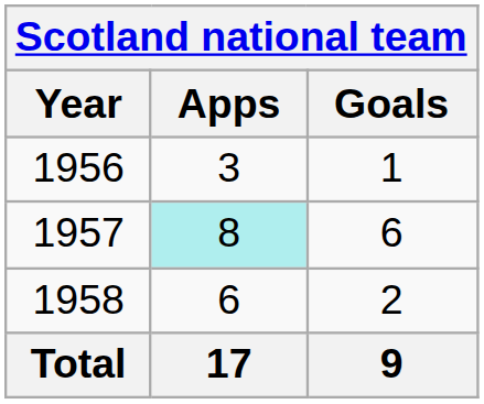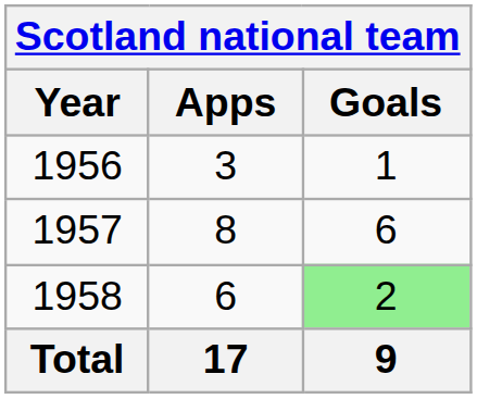 <table class="wikitable" style="text-align:center">
 <tr>
 <th colspan=3><a href='#'>Scotland national team</a></th>
 </tr>
 <tr>
 <th>Year</th>
 <th>Apps</th>
 <th>Goals</th>
 </tr>
 <tr>
 <td>1956</td>
 <td>3</td>
 <td>1</td>
 </tr>
 <tr>
 <td>1957</td>
-<td style="background: paleturquoise;">8</td>
+<td>8</td>
 <td>6</td>
 </tr>
 <tr>
 <td>1958</td>
 <td>6</td>
-<td>2</td>
+<td style="background: lightgreen;">2</td>
 </tr>
 <tr>
 <th>Total</th>
 <th>17</th>
 <th>9</th>
 </tr>
 </table>
